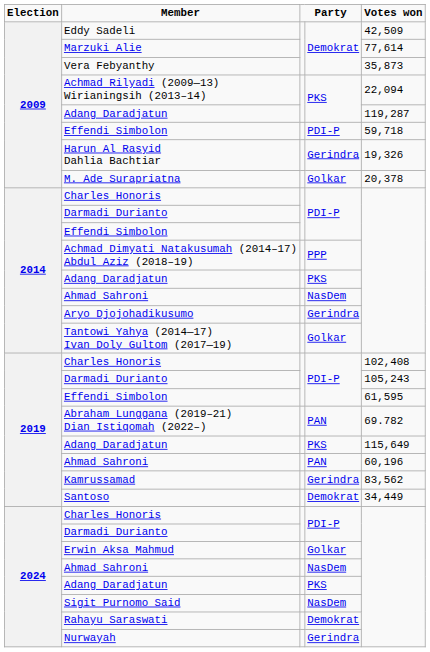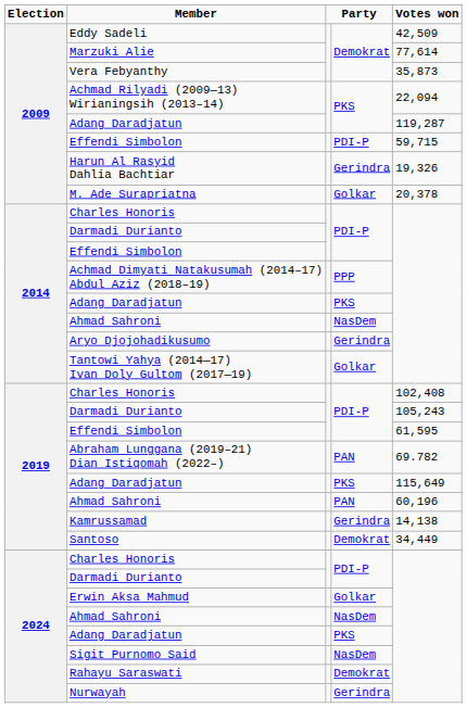 <table class="wikitable" align="center">
 <tr>
 <td align="center"><strong>Election</strong></td>
 <td align="center"><strong>Member</strong></td>
 <td colspan="2" align="center"><strong>Party</strong></td>
 <td align="center"><strong>Votes won</strong></td>
 </tr>
 <tr>
 <th rowspan="8"><a href='#'>2009</a></th>
 <td>Eddy Sadeli</td>
 <td rowspan="3" style="background-color: "></td>
 <td rowspan="3"><a href='#'>Demokrat</a></td>
 <td>42,509</td>
 </tr>
 <tr>
 <td><a href='#'>Marzuki Alie</a></td>
 <td>77,614</td>
 </tr>
 <tr>
 <td>Vera Febyanthy</td>
 <td>35,873</td>
 </tr>
 <tr>
 <td><a href='#'>Achmad Rilyadi</a> (2009—13) <br>Wirianingsih (2013–14)</td>
 <td rowspan="2" style="background-color: "></td>
 <td rowspan="2"><a href='#'>PKS</a></td>
 <td>22,094</td>
 </tr>
 <tr>
 <td><a href='#'>Adang Daradjatun</a></td>
 <td>119,287</td>
 </tr>
 <tr>
 <td><a href='#'>Effendi Simbolon</a></td>
 <td style="background-color: "></td>
 <td><a href='#'>PDI-P</a></td>
-<td>59,718</td>
+<td>59,715</td>
 </tr>
 <tr>
 <td><a href='#'>Harun Al Rasyid</a> <br>Dahlia Bachtiar</td>
 <td style="background-color: "></td>
 <td><a href='#'>Gerindra</a></td>
 <td>19,326</td>
 </tr>
 <tr>
 <td><a href='#'>M. Ade Surapriatna</a></td>
 <td style="background-color: "></td>
 <td><a href='#'>Golkar</a></td>
 <td>20,378</td>
 </tr>
 <tr>
 <th rowspan="8"><a href='#'>2014</a></th>
 <td><a href='#'>Charles Honoris</a></td>
 <td rowspan="3" style="background-color: "></td>
 <td rowspan="3"><a href='#'>PDI-P</a></td>
 </tr>
 <tr>
 <td><a href='#'>Darmadi Durianto</a></td>
 </tr>
 <tr>
 <td><a href='#'>Effendi Simbolon</a></td>
 </tr>
 <tr>
 <td><a href='#'>Achmad Dimyati Natakusumah</a> (2014–17) <br><a href='#'>Abdul Aziz</a> (2018–19) </td>
 <td style="background-color: "></td>
 <td><a href='#'>PPP</a></td>
 </tr>
 <tr>
 <td><a href='#'>Adang Daradjatun</a></td>
 <td style="background-color: "></td>
 <td><a href='#'>PKS</a></td>
 </tr>
 <tr>
 <td><a href='#'>Ahmad Sahroni</a></td>
 <td style="background-color: "></td>
 <td><a href='#'>NasDem</a></td>
 </tr>
 <tr>
 <td><a href='#'>Aryo Djojohadikusumo</a></td>
 <td style="background-color: "></td>
 <td><a href='#'>Gerindra</a></td>
 </tr>
 <tr>
 <td><a href='#'>Tantowi Yahya</a> (2014—17) <br><a href='#'>Ivan Doly Gultom</a> (2017—19) </td>
 <td style="background-color: "></td>
 <td><a href='#'>Golkar</a></td>
 </tr>
 <tr>
 <th rowspan="8"><a href='#'>2019</a></th>
 <td><a href='#'>Charles Honoris</a></td>
 <td rowspan="3" style="background-color: "></td>
 <td rowspan="3"><a href='#'>PDI-P</a></td>
 <td>102,408</td>
 </tr>
 <tr>
 <td><a href='#'>Darmadi Durianto</a></td>
 <td>105,243</td>
 </tr>
 <tr>
 <td><a href='#'>Effendi Simbolon</a></td>
 <td>61,595</td>
 </tr>
 <tr>
 <td><a href='#'>Abraham Lunggana</a> (2019–21) <br> <a href='#'>Dian Istiqomah</a> (2022–)</td>
 <td style="background-color: "></td>
 <td><a href='#'>PAN</a></td>
 <td>69.782</td>
 </tr>
 <tr>
 <td><a href='#'>Adang Daradjatun</a></td>
 <td style="background-color: "></td>
 <td><a href='#'>PKS</a></td>
 <td>115,649</td>
 </tr>
 <tr>
 <td><a href='#'>Ahmad Sahroni</a></td>
 <td style="background-color: "></td>
 <td><a href='#'>PAN</a></td>
 <td>60,196</td>
 </tr>
 <tr>
 <td><a href='#'>Kamrussamad</a></td>
 <td style="background-color: "></td>
 <td><a href='#'>Gerindra</a></td>
-<td>83,562</td>
+<td>14,138</td>
 </tr>
 <tr>
 <td><a href='#'>Santoso</a></td>
 <td style="background-color: "></td>
 <td><a href='#'>Demokrat</a></td>
 <td>34,449</td>
 </tr>
 <tr>
 <th rowspan="8"><a href='#'>2024</a></th>
 <td><a href='#'>Charles Honoris</a></td>
 <td rowspan="2" style="background-color: "></td>
 <td rowspan="2"><a href='#'>PDI-P</a></td>
 </tr>
 <tr>
 <td><a href='#'>Darmadi Durianto</a></td>
 </tr>
 <tr>
 <td><a href='#'>Erwin Aksa Mahmud</a></td>
 <td style="background-color: "></td>
 <td><a href='#'>Golkar</a></td>
 </tr>
 <tr>
 <td><a href='#'>Ahmad Sahroni</a></td>
 <td style="background-color: "></td>
 <td><a href='#'>NasDem</a></td>
 </tr>
 <tr>
 <td><a href='#'>Adang Daradjatun</a></td>
 <td style="background-color: "></td>
 <td><a href='#'>PKS</a></td>
 </tr>
 <tr>
 <td><a href='#'>Sigit Purnomo Said</a></td>
 <td style="background-color: "></td>
 <td><a href='#'>NasDem</a></td>
 </tr>
 <tr>
 <td><a href='#'>Rahayu Saraswati</a></td>
 <td style="background-color: "></td>
 <td><a href='#'>Demokrat</a></td>
 </tr>
 <tr>
 <td><a href='#'>Nurwayah</a></td>
 <td style="background-color: "></td>
 <td><a href='#'>Gerindra</a></td>
 </tr>
 </table>
